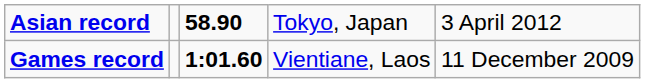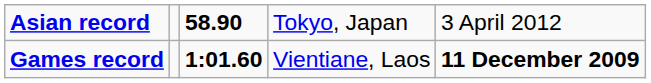 <table class="wikitable">
 <tr>
 <td><strong><a href='#'>Asian record</a></strong></td>
 <td></td>
 <td><strong>58.90</strong></td>
 <td><a href='#'>Tokyo</a>, Japan</td>
 <td>3 April 2012</td>
 </tr>
 <tr>
 <td><strong><a href='#'>Games record</a></strong></td>
 <td></td>
 <td><strong>1:01.60</strong></td>
 <td><a href='#'>Vientiane</a>, Laos</td>
-<td>11 December 2009</td>
+<td><strong>11 December 2009</strong></td>
 </tr>
 </table>
